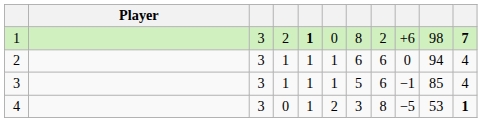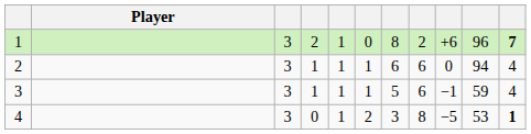 <table class="wikitable" style="text-align:center; margin: 1em auto 1em auto, align:left">
 <tr>
 <th width=20></th>
 <th width=240>Player</th>
 <th width=20></th>
 <th width=20></th>
 <th width=20></th>
 <th width=20></th>
 <th width=20></th>
 <th width=20></th>
 <th width=20></th>
 <th width=30></th>
 <th width=20></th>
 </tr>
 <tr style="background:#D0F0C0;">
 <td>1</td>
 <td align=left></td>
 <td>3</td>
 <td>2</td>
-<td><strong>1</strong></td>
+<td>1</td>
 <td>0</td>
 <td>8</td>
 <td>2</td>
 <td>+6</td>
-<td>98</td>
+<td>96</td>
 <td><strong>7</strong></td>
 </tr>
 <tr style=>
 <td>2</td>
 <td align=left></td>
 <td>3</td>
 <td>1</td>
 <td>1</td>
 <td>1</td>
 <td>6</td>
 <td>6</td>
 <td>0</td>
 <td>94</td>
 <td>4</td>
 </tr>
 <tr style=>
 <td>3</td>
 <td align=left></td>
 <td>3</td>
 <td>1</td>
 <td>1</td>
 <td>1</td>
 <td>5</td>
 <td>6</td>
 <td>−1</td>
-<td>85</td>
+<td>59</td>
 <td>4</td>
 </tr>
 <tr style=>
 <td>4</td>
 <td align=left></td>
 <td>3</td>
 <td>0</td>
 <td>1</td>
 <td>2</td>
 <td>3</td>
 <td>8</td>
 <td>−5</td>
 <td>53</td>
 <td><strong>1</strong></td>
 </tr>
 </table>
